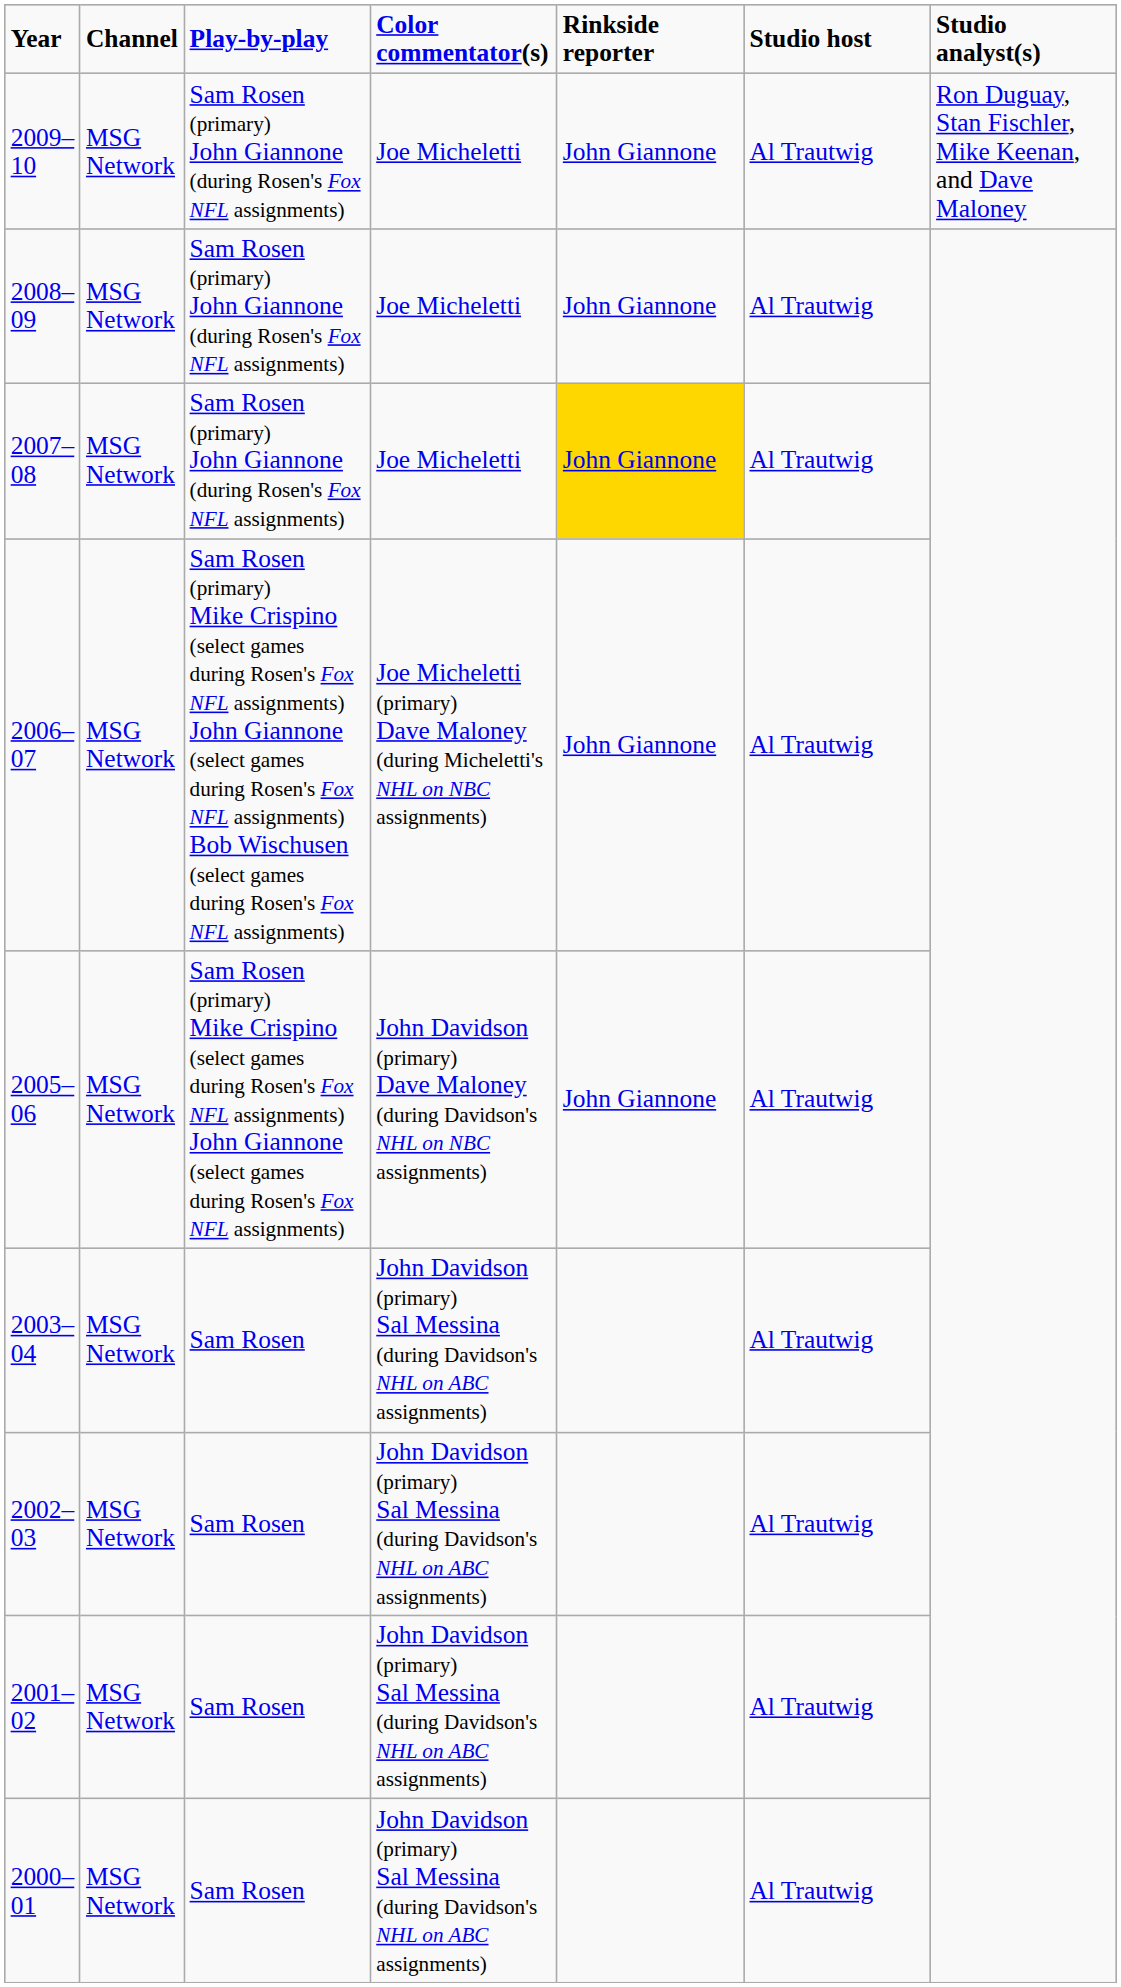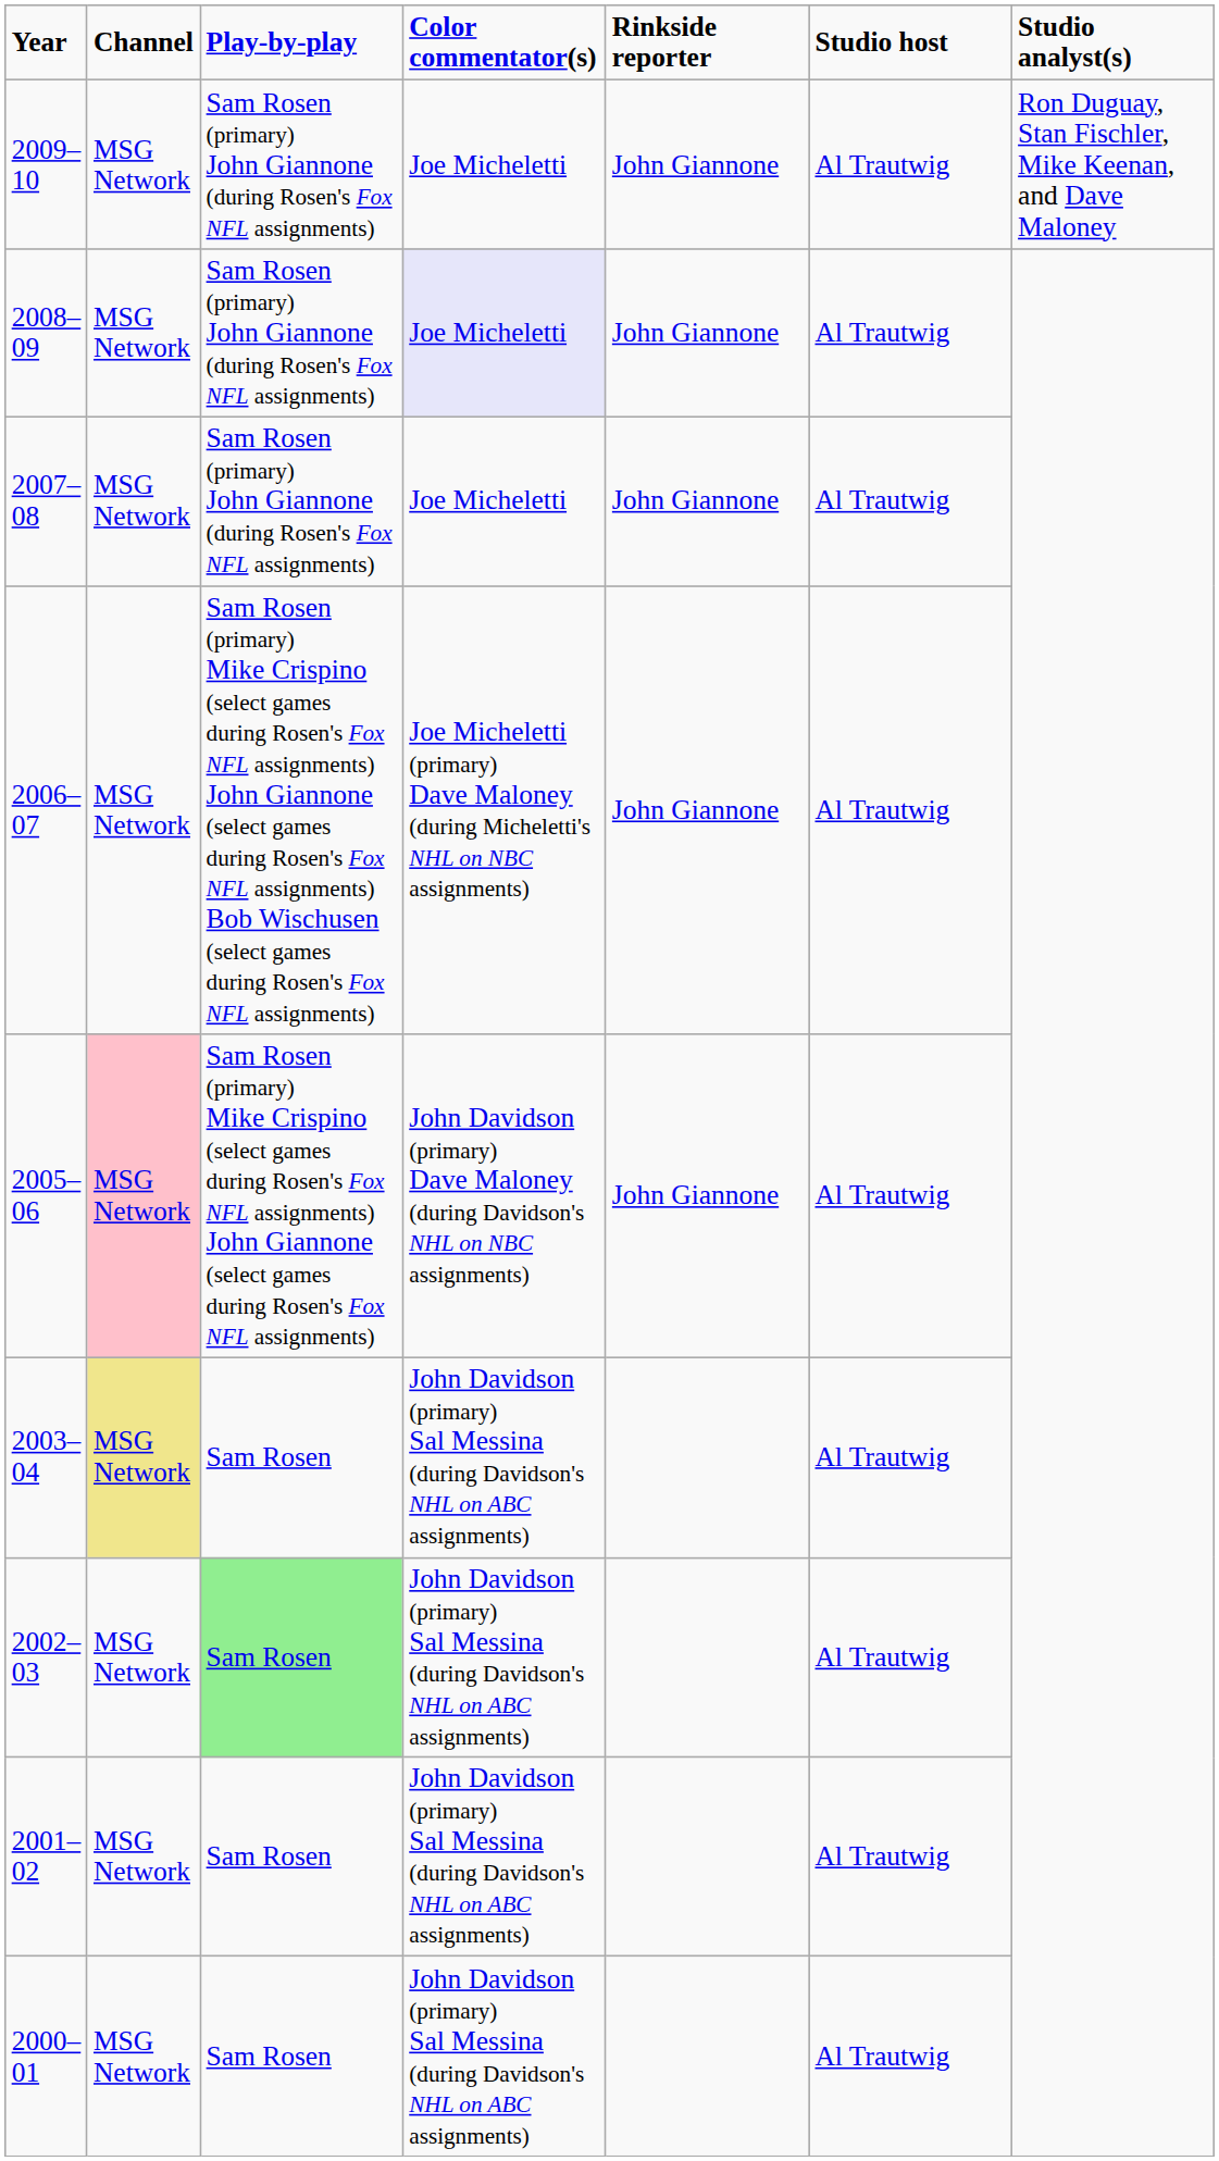 <table class="wikitable">
 <tr>
 <td width="40"><strong>Year</strong></td>
 <td width="40"><strong>Channel</strong></td>
 <td width="110"><strong><a href='#'>Play-by-play</a></strong></td>
 <td width="110"><strong><a href='#'>Color commentator</a>(s)</strong></td>
 <td width="110"><strong>Rinkside reporter</strong></td>
 <td width="110"><strong>Studio host</strong></td>
 <td width="110"><strong>Studio analyst(s)</strong></td>
 </tr>
 <tr>
 <td><a href='#'>2009–10</a></td>
 <td><a href='#'>MSG Network</a></td>
 <td><a href='#'>Sam Rosen</a> <small>(primary)</small><br><a href='#'>John Giannone</a> <small>(during Rosen's <em><a href='#'>Fox NFL</a></em> assignments)</small></td>
 <td><a href='#'>Joe Micheletti</a></td>
 <td><a href='#'>John Giannone</a></td>
 <td><a href='#'>Al Trautwig</a></td>
 <td><a href='#'>Ron Duguay</a>, <a href='#'>Stan Fischler</a>, <a href='#'>Mike Keenan</a>, and <a href='#'>Dave Maloney</a></td>
 </tr>
 <tr>
 <td><a href='#'>2008–09</a></td>
 <td><a href='#'>MSG Network</a></td>
 <td><a href='#'>Sam Rosen</a> <small>(primary)</small><br><a href='#'>John Giannone</a> <small>(during Rosen's <em><a href='#'>Fox NFL</a></em> assignments)</small></td>
-<td><a href='#'>Joe Micheletti</a></td>
+<td style="background: lavender;"><a href='#'>Joe Micheletti</a></td>
 <td><a href='#'>John Giannone</a></td>
 <td><a href='#'>Al Trautwig</a></td>
 </tr>
 <tr>
 <td><a href='#'>2007–08</a></td>
 <td><a href='#'>MSG Network</a></td>
 <td><a href='#'>Sam Rosen</a> <small>(primary)</small><br><a href='#'>John Giannone</a> <small>(during Rosen's <em><a href='#'>Fox NFL</a></em> assignments)</small></td>
 <td><a href='#'>Joe Micheletti</a></td>
-<td style="background: gold;"><a href='#'>John Giannone</a></td>
+<td><a href='#'>John Giannone</a></td>
 <td><a href='#'>Al Trautwig</a></td>
 </tr>
 <tr>
 <td><a href='#'>2006–07</a></td>
 <td><a href='#'>MSG Network</a></td>
 <td><a href='#'>Sam Rosen</a> <small>(primary)</small><br><a href='#'>Mike Crispino</a> <small>(select games during Rosen's <em><a href='#'>Fox NFL</a></em> assignments)</small><br><a href='#'>John Giannone</a> <small>(select games during Rosen's <em><a href='#'>Fox NFL</a></em> assignments)</small><br><a href='#'>Bob Wischusen</a> <small>(select games during Rosen's <em><a href='#'>Fox NFL</a></em> assignments)</small></td>
 <td><a href='#'>Joe Micheletti</a> <small>(primary)</small><br><a href='#'>Dave Maloney</a> <small>(during Micheletti's <em><a href='#'>NHL on NBC</a></em> assignments)</small></td>
 <td><a href='#'>John Giannone</a></td>
 <td><a href='#'>Al Trautwig</a></td>
 </tr>
 <tr>
 <td><a href='#'>2005–06</a></td>
-<td><a href='#'>MSG Network</a></td>
+<td style="background: pink;"><a href='#'>MSG Network</a></td>
 <td><a href='#'>Sam Rosen</a> <small>(primary)</small><br><a href='#'>Mike Crispino</a> <small>(select games during Rosen's <em><a href='#'>Fox NFL</a></em> assignments)</small><br><a href='#'>John Giannone</a> <small>(select games during Rosen's <em><a href='#'>Fox NFL</a></em> assignments)</small></td>
 <td><a href='#'>John Davidson</a> <small>(primary)</small><br><a href='#'>Dave Maloney</a> <small>(during Davidson's <em><a href='#'>NHL on NBC</a></em> assignments)</small></td>
 <td><a href='#'>John Giannone</a></td>
 <td><a href='#'>Al Trautwig</a></td>
 </tr>
 <tr>
 <td><a href='#'>2003–04</a></td>
-<td><a href='#'>MSG Network</a></td>
+<td style="background: khaki;"><a href='#'>MSG Network</a></td>
 <td><a href='#'>Sam Rosen</a></td>
 <td><a href='#'>John Davidson</a> <small>(primary)</small><br><a href='#'>Sal Messina</a> <small>(during Davidson's <em><a href='#'>NHL on ABC</a></em> assignments)</small></td>
 <td></td>
 <td><a href='#'>Al Trautwig</a></td>
 </tr>
 <tr>
 <td><a href='#'>2002–03</a></td>
 <td><a href='#'>MSG Network</a></td>
-<td><a href='#'>Sam Rosen</a></td>
+<td style="background: lightgreen;"><a href='#'>Sam Rosen</a></td>
 <td><a href='#'>John Davidson</a> <small>(primary)</small><br><a href='#'>Sal Messina</a> <small>(during Davidson's <em><a href='#'>NHL on ABC</a></em> assignments)</small></td>
 <td></td>
 <td><a href='#'>Al Trautwig</a></td>
 </tr>
 <tr>
 <td><a href='#'>2001–02</a></td>
 <td><a href='#'>MSG Network</a></td>
 <td><a href='#'>Sam Rosen</a></td>
 <td><a href='#'>John Davidson</a> <small>(primary)</small><br><a href='#'>Sal Messina</a> <small>(during Davidson's <em><a href='#'>NHL on ABC</a></em> assignments)</small></td>
 <td></td>
 <td><a href='#'>Al Trautwig</a></td>
 </tr>
 <tr>
 <td><a href='#'>2000–01</a></td>
 <td><a href='#'>MSG Network</a></td>
 <td><a href='#'>Sam Rosen</a></td>
 <td><a href='#'>John Davidson</a> <small>(primary)</small><br><a href='#'>Sal Messina</a> <small>(during Davidson's <em><a href='#'>NHL on ABC</a></em> assignments)</small></td>
 <td></td>
 <td><a href='#'>Al Trautwig</a></td>
 </tr>
 </table>
